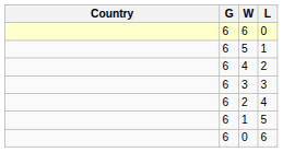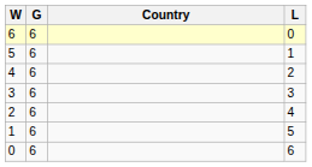 <table class="wikitable">
 <tr>
+<th bgcolor="#efefef" width="20">W</th>
+<th bgcolor="#efefef" width="20">G</th>
 <th bgcolor="#efefef" width="300">Country</th>
-<th bgcolor="#efefef" width="20">G</th>
-<th bgcolor="#efefef" width="20">W</th>
 <th bgcolor="#efefef" width="20">L</th>
 </tr>
 <tr bgcolor="#ffffcc">
-<td></td>
 <td>6</td>
 <td>6</td>
+<td></td>
 <td>0</td>
 </tr>
 <tr>
+<td>5</td>
+<td>6</td>
 <td></td>
-<td>6</td>
-<td>5</td>
 <td>1</td>
 </tr>
 <tr>
+<td>4</td>
+<td>6</td>
 <td></td>
-<td>6</td>
-<td>4</td>
 <td>2</td>
 </tr>
 <tr>
+<td>3</td>
+<td>6</td>
 <td></td>
-<td>6</td>
-<td>3</td>
 <td>3</td>
 </tr>
 <tr>
+<td>2</td>
+<td>6</td>
 <td></td>
-<td>6</td>
-<td>2</td>
 <td>4</td>
 </tr>
 <tr>
+<td>1</td>
+<td>6</td>
 <td></td>
-<td>6</td>
-<td>1</td>
 <td>5</td>
 </tr>
 <tr>
+<td>0</td>
+<td>6</td>
 <td></td>
-<td>6</td>
-<td>0</td>
 <td>6</td>
 </tr>
 </table>
